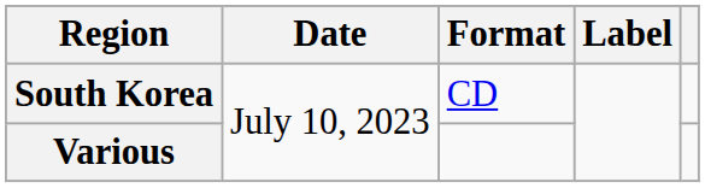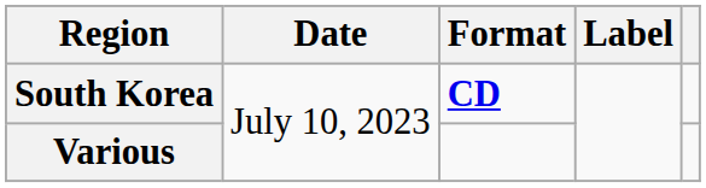 <table class="wikitable plainrowheaders">
 <tr>
 <th scope="col">Region</th>
 <th scope="col">Date</th>
 <th scope="col">Format</th>
 <th scope="col">Label</th>
 <th scope="col"></th>
 </tr>
 <tr>
 <th scope="row">South Korea</th>
 <td rowspan="2">July 10, 2023</td>
-<td><a href='#'>CD</a></td>
+<td><strong><a href='#'>CD</a></strong></td>
 <td rowspan="2"></td>
 <td style="text-align:center"></td>
 </tr>
 <tr>
 <th scope="row">Various</th>
 <td></td>
 <td style="text-align:center"></td>
 </tr>
 </table>
